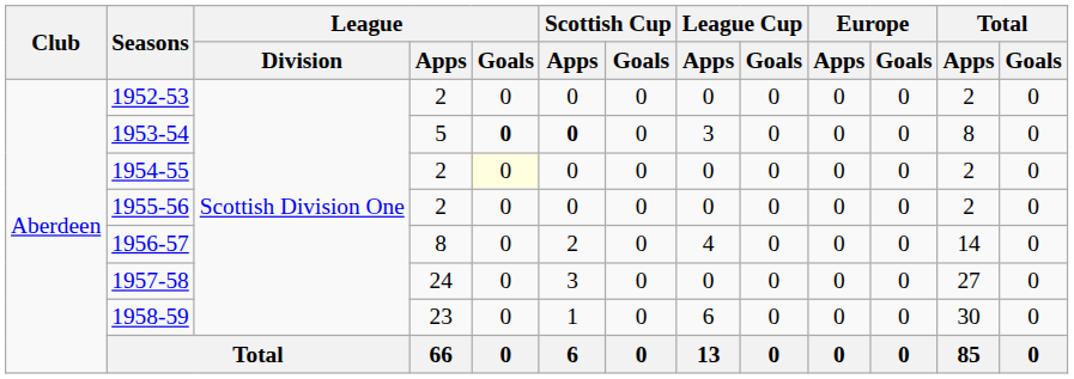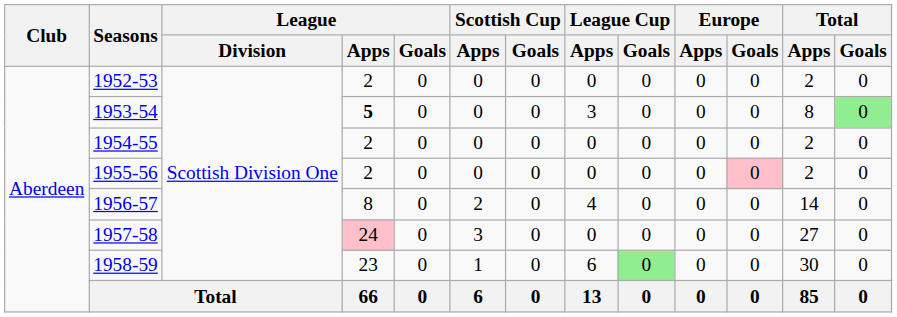 <table class="wikitable" style="text-align:center">
 <tr>
 <th rowspan="2">Club</th>
 <th rowspan="2">Seasons</th>
 <th colspan="3">League</th>
 <th colspan="2">Scottish Cup</th>
 <th colspan="2">League Cup</th>
 <th colspan="2">Europe</th>
 <th colspan="2">Total</th>
 </tr>
 <tr>
 <th>Division</th>
 <th>Apps</th>
 <th>Goals</th>
 <th>Apps</th>
 <th>Goals</th>
 <th>Apps</th>
 <th>Goals</th>
 <th>Apps</th>
 <th>Goals</th>
 <th>Apps</th>
 <th>Goals</th>
 </tr>
 <tr>
 <td rowspan="8"><a href='#'>Aberdeen</a></td>
 <td><a href='#'>1952-53</a></td>
 <td rowspan="7"><a href='#'>Scottish Division One</a></td>
 <td>2</td>
 <td>0</td>
 <td>0</td>
 <td>0</td>
 <td>0</td>
 <td>0</td>
 <td>0</td>
 <td>0</td>
 <td>2</td>
 <td>0</td>
 </tr>
 <tr>
 <td><a href='#'>1953-54</a></td>
-<td>5</td>
-<td><strong>0</strong></td>
-<td><strong>0</strong></td>
+<td><strong>5</strong></td>
+<td>0</td>
+<td>0</td>
 <td>0</td>
 <td>3</td>
 <td>0</td>
 <td>0</td>
 <td>0</td>
 <td>8</td>
-<td>0</td>
+<td style="background: lightgreen;">0</td>
 </tr>
 <tr>
 <td><a href='#'>1954-55</a></td>
 <td>2</td>
-<td style="background: lightyellow;">0</td>
+<td>0</td>
 <td>0</td>
 <td>0</td>
 <td>0</td>
 <td>0</td>
 <td>0</td>
 <td>0</td>
 <td>2</td>
 <td>0</td>
 </tr>
 <tr>
 <td><a href='#'>1955-56</a></td>
 <td>2</td>
 <td>0</td>
 <td>0</td>
 <td>0</td>
 <td>0</td>
 <td>0</td>
 <td>0</td>
-<td>0</td>
+<td style="background: pink;">0</td>
 <td>2</td>
 <td>0</td>
 </tr>
 <tr>
 <td><a href='#'>1956-57</a></td>
 <td>8</td>
 <td>0</td>
 <td>2</td>
 <td>0</td>
 <td>4</td>
 <td>0</td>
 <td>0</td>
 <td>0</td>
 <td>14</td>
 <td>0</td>
 </tr>
 <tr>
 <td><a href='#'>1957-58</a></td>
-<td>24</td>
+<td style="background: pink;">24</td>
 <td>0</td>
 <td>3</td>
 <td>0</td>
 <td>0</td>
 <td>0</td>
 <td>0</td>
 <td>0</td>
 <td>27</td>
 <td>0</td>
 </tr>
 <tr>
 <td><a href='#'>1958-59</a></td>
 <td>23</td>
 <td>0</td>
 <td>1</td>
 <td>0</td>
 <td>6</td>
-<td>0</td>
+<td style="background: lightgreen;">0</td>
 <td>0</td>
 <td>0</td>
 <td>30</td>
 <td>0</td>
 </tr>
 <tr>
 <th colspan="2">Total</th>
 <th>66</th>
 <th>0</th>
 <th>6</th>
 <th>0</th>
 <th>13</th>
 <th>0</th>
 <th>0</th>
 <th>0</th>
 <th>85</th>
 <th>0</th>
 </tr>
 </table>
